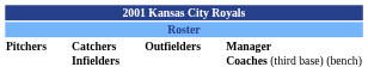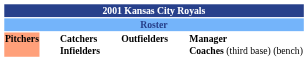 <table class="toccolours" style="font-size: 95%;">
 <tr>
 <th colspan="10" style="background-color: #27408B; color: white; text-align: center;">2001 Kansas City Royals</th>
 </tr>
 <tr>
 <td colspan="10" style="background-color: #74B4FA; color: #27408B; text-align: center;"><strong>Roster</strong></td>
 </tr>
 <tr>
-<td valign="top"><strong>Pitchers</strong><br>                   </td>
+<td valign="top" style="background: lightsalmon;"><strong>Pitchers</strong><br>                   </td>
 <td width="25px"></td>
 <td valign="top"><strong>Catchers</strong><br>     <strong>Infielders</strong>           </td>
 <td width="25px"></td>
 <td valign="top"><strong>Outfielders</strong><br>        </td>
 <td width="25px"></td>
 <td valign="top"><strong>Manager</strong><br> <strong>Coaches</strong>  (third base)    (bench)  </td>
 </tr>
 </table>
